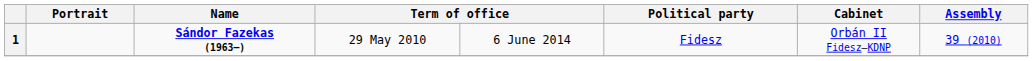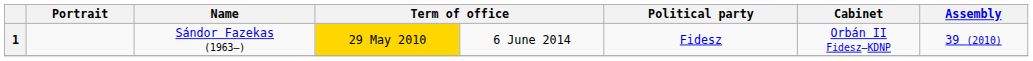 <table class="wikitable" style="width:90%; text-align:center;">
 <tr>
 <th></th>
 <th>Portrait</th>
 <th>Name<br></th>
 <th colspan=2>Term of office</th>
 <th>Political party</th>
 <th>Cabinet</th>
 <th><a href='#'>Assembly</a><br></th>
 </tr>
 <tr>
 <th style="background:">1</th>
 <td></td>
-<td><strong><a href='#'>Sándor Fazekas</a><br><small>(1963–)</small></strong></td>
-<td>29 May 2010</td>
+<td><a href='#'>Sándor Fazekas</a><br><small>(1963–)</small></td>
+<td style="background: gold;">29 May 2010</td>
 <td>6 June 2014</td>
 <td><a href='#'>Fidesz</a></td>
 <td><a href='#'>Orbán II</a><br><small><a href='#'>Fidesz</a>–<a href='#'>KDNP</a></small></td>
 <td><a href='#'>39 <small>(2010)</small></a></td>
 </tr>
 <tr>
 </tr>
 </table>
